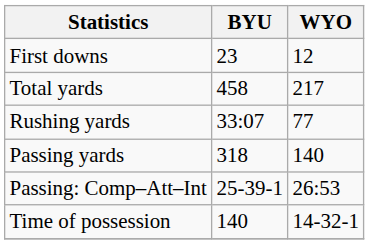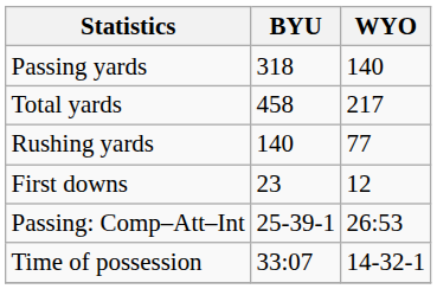 <table class="wikitable" style="float: left;">
 <tr>
 <th>Statistics</th>
 <th>BYU</th>
 <th>WYO</th>
 </tr>
 <tr>
-<td>First downs</td>
-<td>23</td>
-<td>12</td>
+<td>Passing yards</td>
+<td>318</td>
+<td>140</td>
 </tr>
 <tr>
 <td>Total yards</td>
 <td>458</td>
 <td>217</td>
 </tr>
 <tr>
 <td>Rushing yards</td>
-<td>33:07</td>
+<td>140</td>
 <td>77</td>
 </tr>
 <tr>
-<td>Passing yards</td>
-<td>318</td>
-<td>140</td>
+<td>First downs</td>
+<td>23</td>
+<td>12</td>
 </tr>
 <tr>
 <td>Passing: Comp–Att–Int</td>
 <td>25-39-1</td>
 <td>26:53</td>
 </tr>
 <tr>
 <td>Time of possession</td>
-<td>140</td>
+<td>33:07</td>
 <td>14-32-1</td>
 </tr>
 <tr>
 </tr>
 </table>
